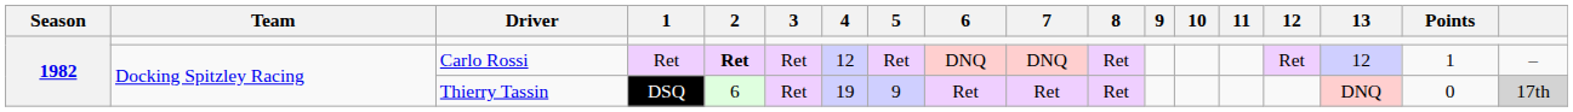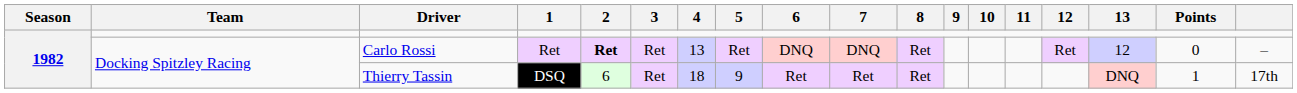 <table class="wikitable" style="text-align:center; font-size:95%;" width="100%">
 <tr>
 <th>Season</th>
 <th>Team</th>
 <th>Driver</th>
 <th>1</th>
 <th>2</th>
 <th>3</th>
 <th>4</th>
 <th>5</th>
 <th>6</th>
 <th>7</th>
 <th>8</th>
 <th>9</th>
 <th>10</th>
 <th>11</th>
 <th>12</th>
 <th>13</th>
 <th>Points</th>
 <th></th>
 </tr>
 <tr>
 <th rowspan="3"><a href='#'>1982</a></th>
 <td></td>
 <td></td>
 <td></td>
 <td></td>
 </tr>
 <tr>
 <td rowspan="2" style="text-align:left;"> <a href='#'>Docking Spitzley Racing</a></td>
 <td style="text-align:left;"> <a href='#'>Carlo Rossi</a></td>
 <td bgcolor="#EFCFFF">Ret</td>
 <td bgcolor="#EFCFFF"><strong>Ret</strong></td>
 <td bgcolor="#EFCFFF">Ret</td>
-<td bgcolor="#CFCFFF">12</td>
+<td bgcolor="#CFCFFF">13</td>
 <td bgcolor="#EFCFFF">Ret</td>
 <td bgcolor="#FFCFCF">DNQ</td>
 <td bgcolor="#FFCFCF">DNQ</td>
 <td bgcolor="#EFCFFF">Ret</td>
 <td></td>
 <td></td>
 <td></td>
 <td bgcolor="#EFCFFF">Ret</td>
 <td bgcolor="#CFCFFF">12</td>
-<td align="center">1</td>
+<td align="center">0</td>
 <td>–</td>
 </tr>
 <tr>
 <td style="text-align:left;"> <a href='#'>Thierry Tassin</a></td>
 <td bgcolor="#000000" style="color: white">DSQ</td>
 <td bgcolor="#DFFFDF">6</td>
 <td bgcolor="#EFCFFF">Ret</td>
-<td bgcolor="#CFCFFF">19</td>
+<td bgcolor="#CFCFFF">18</td>
 <td bgcolor="#CFCFFF">9</td>
 <td bgcolor="#EFCFFF">Ret</td>
 <td bgcolor="#EFCFFF">Ret</td>
 <td bgcolor="#EFCFFF">Ret</td>
 <td></td>
 <td></td>
 <td></td>
 <td></td>
 <td bgcolor="#FFCFCF">DNQ</td>
-<td align="center">0</td>
-<td style="background: lightgrey;">17th</td>
+<td align="center">1</td>
+<td>17th</td>
 </tr>
 </table>
